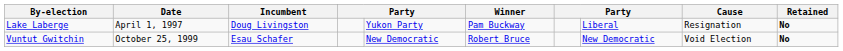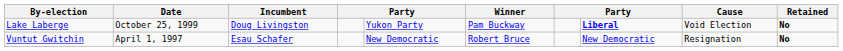 <table class=wikitable style="width:100%">
 <tr>
 <th>By-election</th>
 <th>Date</th>
 <th>Incumbent</th>
 <th colspan=2>Party</th>
 <th>Winner</th>
 <th colspan=2>Party</th>
 <th>Cause</th>
 <th>Retained</th>
 </tr>
 <tr>
 <td><a href='#'>Lake Laberge</a></td>
-<td>April 1, 1997</td>
+<td>October 25, 1999</td>
 <td><a href='#'>Doug Livingston</a></td>
 <td>   </td>
 <td><a href='#'>Yukon Party</a></td>
 <td><a href='#'>Pam Buckway</a></td>
 <td>   </td>
-<td><a href='#'>Liberal</a></td>
-<td>Resignation</td>
+<td><strong><a href='#'>Liberal</a></strong></td>
+<td>Void Election</td>
 <td><strong>No</strong></td>
 </tr>
 <tr>
 <td><a href='#'>Vuntut Gwitchin</a></td>
-<td>October 25, 1999</td>
+<td>April 1, 1997</td>
 <td><a href='#'>Esau Schafer</a></td>
 <td>   </td>
 <td><a href='#'>New Democratic</a></td>
 <td><a href='#'>Robert Bruce</a></td>
 <td>   </td>
 <td><a href='#'>New Democratic</a></td>
-<td>Void Election</td>
+<td>Resignation</td>
 <td><strong>No</strong></td>
 </tr>
 </table>
